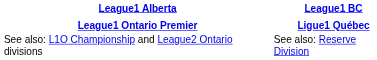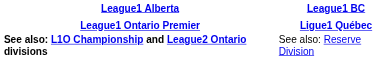 <table>
 <tr valign=top>
 <th align="center"><a href='#'>League1 Alberta</a></th>
 <th align="center"><a href='#'>League1 BC</a></th>
 </tr>
 <tr valign=top>
 <td align="left"></td>
 <td align="left"></td>
 </tr>
 <tr>
 </tr>
 <tr valign=top>
 <th align="center"><a href='#'>League1 Ontario Premier</a></th>
 <th align="center"><a href='#'>Ligue1 Québec</a></th>
 </tr>
 <tr valign=top>
-<td align="left"> See also: <a href='#'>L1O Championship</a> and <a href='#'>League2 Ontario</a> divisions</td>
+<td align="left"><strong> See also: <a href='#'>L1O Championship</a> and <a href='#'>League2 Ontario</a> divisions</strong></td>
 <td align="left"> See also: <a href='#'>Reserve Division</a></td>
 </tr>
 </table>
